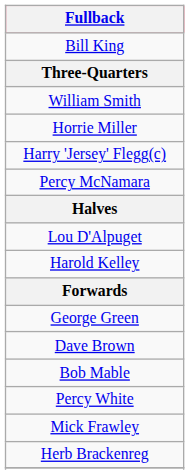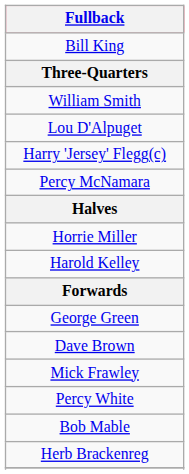 <table class="wikitable" style="float:right; font-size:75%;">
 <tr style="background:#f03;">
 <th style="width:130px;"><a href='#'>Fullback</a></th>
 </tr>
 <tr align=center>
 <td><a href='#'>Bill King</a></td>
 </tr>
 <tr align=center>
 <th style="width:130px;">Three-Quarters</th>
 </tr>
 <tr align=center>
 <td><a href='#'>William Smith</a></td>
 </tr>
 <tr align=center>
-<td><a href='#'>Horrie Miller</a></td>
+<td><a href='#'>Lou D'Alpuget</a></td>
 </tr>
 <tr align=center>
 <td><a href='#'>Harry 'Jersey' Flegg(c)</a></td>
 </tr>
 <tr align=center>
 <td><a href='#'>Percy McNamara</a></td>
 </tr>
 <tr align=center>
 <th style="width:130px;">Halves</th>
 </tr>
 <tr align=center>
-<td><a href='#'>Lou D'Alpuget</a></td>
+<td><a href='#'>Horrie Miller</a></td>
 </tr>
 <tr align=center>
 <td><a href='#'>Harold Kelley</a></td>
 </tr>
 <tr align=center>
 <th style="width:130px;">Forwards</th>
 </tr>
 <tr align=center>
 <td><a href='#'>George Green</a></td>
 </tr>
 <tr align=center>
 <td><a href='#'>Dave Brown</a></td>
 </tr>
 <tr align=center>
-<td><a href='#'>Bob Mable</a></td>
+<td><a href='#'>Mick Frawley</a></td>
 </tr>
 <tr align=center>
 <td><a href='#'>Percy White</a></td>
 </tr>
 <tr align=center>
-<td><a href='#'>Mick Frawley</a></td>
+<td><a href='#'>Bob Mable</a></td>
 </tr>
 <tr align=center>
 <td><a href='#'>Herb Brackenreg</a></td>
 </tr>
 <tr align=center>
 </tr>
 <tr>
 </tr>
 </table>
